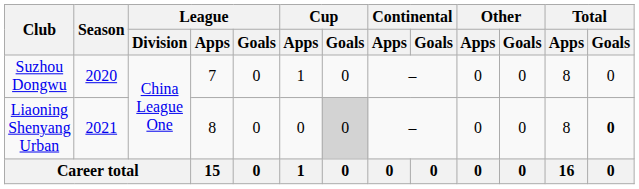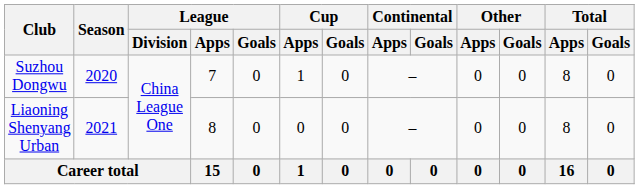 <table class="wikitable" style="text-align: center">
 <tr>
 <th rowspan="2">Club</th>
 <th rowspan="2">Season</th>
 <th colspan="3">League</th>
 <th colspan="2">Cup</th>
 <th colspan="2">Continental</th>
 <th colspan="2">Other</th>
 <th colspan="2">Total</th>
 </tr>
 <tr>
 <th>Division</th>
 <th>Apps</th>
 <th>Goals</th>
 <th>Apps</th>
 <th>Goals</th>
 <th>Apps</th>
 <th>Goals</th>
 <th>Apps</th>
 <th>Goals</th>
 <th>Apps</th>
 <th>Goals</th>
 </tr>
 <tr>
 <td><a href='#'>Suzhou Dongwu</a></td>
 <td><a href='#'>2020</a></td>
 <td rowspan="2"><a href='#'>China League One</a></td>
 <td>7</td>
 <td>0</td>
 <td>1</td>
 <td>0</td>
 <td colspan="2">–</td>
 <td>0</td>
 <td>0</td>
 <td>8</td>
 <td>0</td>
 </tr>
 <tr>
 <td><a href='#'>Liaoning Shenyang Urban</a></td>
 <td><a href='#'>2021</a></td>
 <td>8</td>
 <td>0</td>
 <td>0</td>
-<td style="background: lightgrey;">0</td>
+<td>0</td>
 <td colspan="2">–</td>
 <td>0</td>
 <td>0</td>
 <td>8</td>
-<td><strong>0</strong></td>
+<td>0</td>
 </tr>
 <tr>
 <th colspan=3>Career total</th>
 <th>15</th>
 <th>0</th>
 <th>1</th>
 <th>0</th>
 <th>0</th>
 <th>0</th>
 <th>0</th>
 <th>0</th>
 <th>16</th>
 <th>0</th>
 </tr>
 </table>
